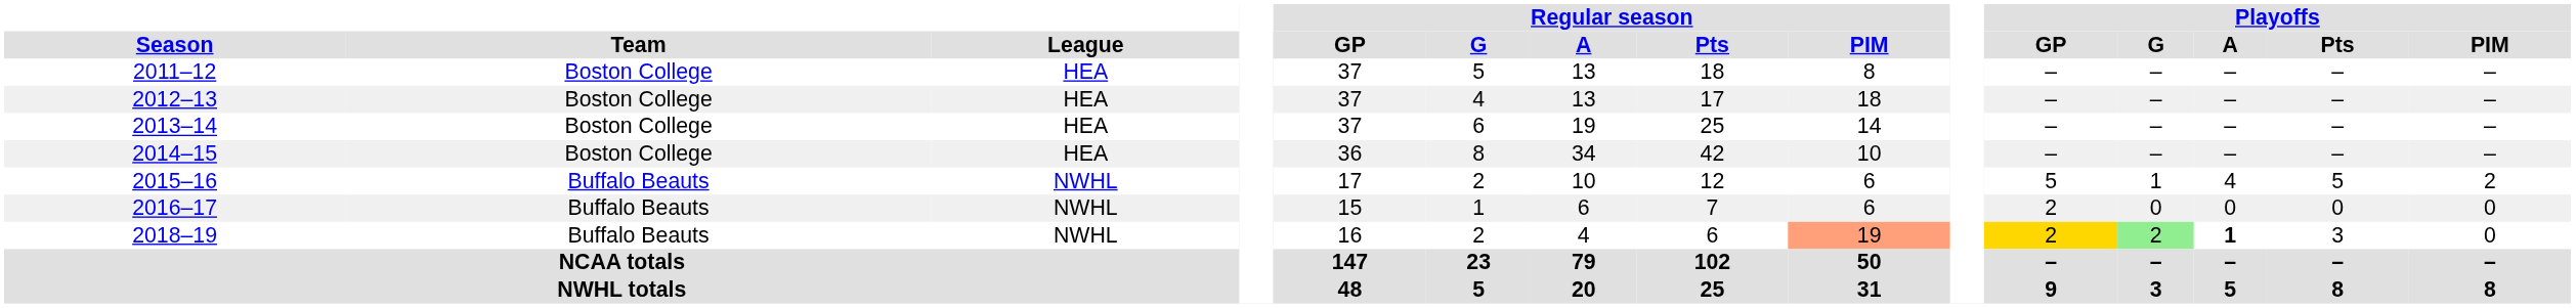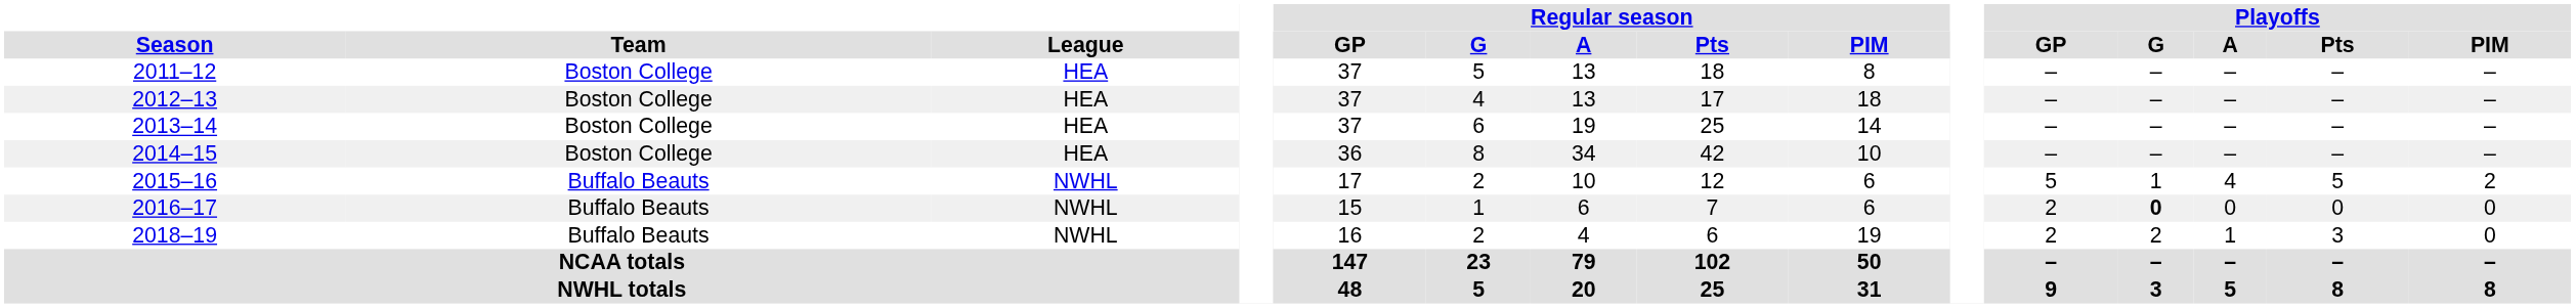 <table border="0" cellpadding="1" cellspacing="0" style="text-align:center; width:95%;">
 <tr style="background:#e0e0e0;">
 <th colspan="3"  bgcolor="#ffffff"> </th>
 <th rowspan="102" bgcolor="#ffffff"> </th>
 <th colspan="5"><a href='#'>Regular season</a></th>
 <th rowspan="102" bgcolor="#ffffff"> </th>
 <th colspan="5"><a href='#'>Playoffs</a></th>
 </tr>
 <tr style="background:#e0e0e0;">
 <th><a href='#'>Season</a></th>
 <th>Team</th>
 <th>League</th>
 <th>GP</th>
 <th><a href='#'>G</a></th>
 <th><a href='#'>A</a></th>
 <th><a href='#'>Pts</a></th>
 <th><a href='#'>PIM</a></th>
 <th>GP</th>
 <th>G</th>
 <th>A</th>
 <th>Pts</th>
 <th>PIM</th>
 </tr>
 <tr>
 <td><a href='#'>2011–12</a></td>
 <td><a href='#'>Boston College</a></td>
 <td><a href='#'>HEA</a></td>
 <td>37</td>
 <td>5</td>
 <td>13</td>
 <td>18</td>
 <td>8</td>
 <td>–</td>
 <td>–</td>
 <td>–</td>
 <td>–</td>
 <td>–</td>
 </tr>
 <tr style="background:#f0f0f0;">
 <td><a href='#'>2012–13</a></td>
 <td>Boston College</td>
 <td>HEA</td>
 <td>37</td>
 <td>4</td>
 <td>13</td>
 <td>17</td>
 <td>18</td>
 <td>–</td>
 <td>–</td>
 <td>–</td>
 <td>–</td>
 <td>–</td>
 </tr>
 <tr>
 <td><a href='#'>2013–14</a></td>
 <td>Boston College</td>
 <td>HEA</td>
 <td>37</td>
 <td>6</td>
 <td>19</td>
 <td>25</td>
 <td>14</td>
 <td>–</td>
 <td>–</td>
 <td>–</td>
 <td>–</td>
 <td>–</td>
 </tr>
 <tr style="background:#f0f0f0;">
 <td><a href='#'>2014–15</a></td>
 <td>Boston College</td>
 <td>HEA</td>
 <td>36</td>
 <td>8</td>
 <td>34</td>
 <td>42</td>
 <td>10</td>
 <td>–</td>
 <td>–</td>
 <td>–</td>
 <td>–</td>
 <td>–</td>
 </tr>
 <tr>
 <td><a href='#'>2015–16</a></td>
 <td><a href='#'>Buffalo Beauts</a></td>
 <td><a href='#'>NWHL</a></td>
 <td>17</td>
 <td>2</td>
 <td>10</td>
 <td>12</td>
 <td>6</td>
 <td>5</td>
 <td>1</td>
 <td>4</td>
 <td>5</td>
 <td>2</td>
 </tr>
 <tr style="background:#f0f0f0;">
 <td><a href='#'>2016–17</a></td>
 <td>Buffalo Beauts</td>
 <td>NWHL</td>
 <td>15</td>
 <td>1</td>
 <td>6</td>
 <td>7</td>
 <td>6</td>
 <td>2</td>
-<td>0</td>
+<td><strong>0</strong></td>
 <td>0</td>
 <td>0</td>
 <td>0</td>
 </tr>
 <tr>
 <td><a href='#'>2018–19</a></td>
 <td>Buffalo Beauts</td>
 <td>NWHL</td>
 <td>16</td>
 <td>2</td>
 <td>4</td>
 <td>6</td>
-<td style="background: lightsalmon;">19</td>
-<td style="background: gold;">2</td>
-<td style="background: lightgreen;">2</td>
-<td><strong>1</strong></td>
+<td>19</td>
+<td>2</td>
+<td>2</td>
+<td>1</td>
 <td>3</td>
 <td>0</td>
 </tr>
 <tr style="text-align:center; background:#e0e0e0;">
 <th colspan=3>NCAA totals</th>
 <th>147</th>
 <th>23</th>
 <th>79</th>
 <th>102</th>
 <th>50</th>
 <th>–</th>
 <th>–</th>
 <th>–</th>
 <th>–</th>
 <th>–</th>
 </tr>
 <tr style="text-align:center; background:#e0e0e0;">
 <th colspan=3>NWHL totals</th>
 <th>48</th>
 <th>5</th>
 <th>20</th>
 <th>25</th>
 <th>31</th>
 <th>9</th>
 <th>3</th>
 <th>5</th>
 <th>8</th>
 <th>8</th>
 </tr>
 </table>
